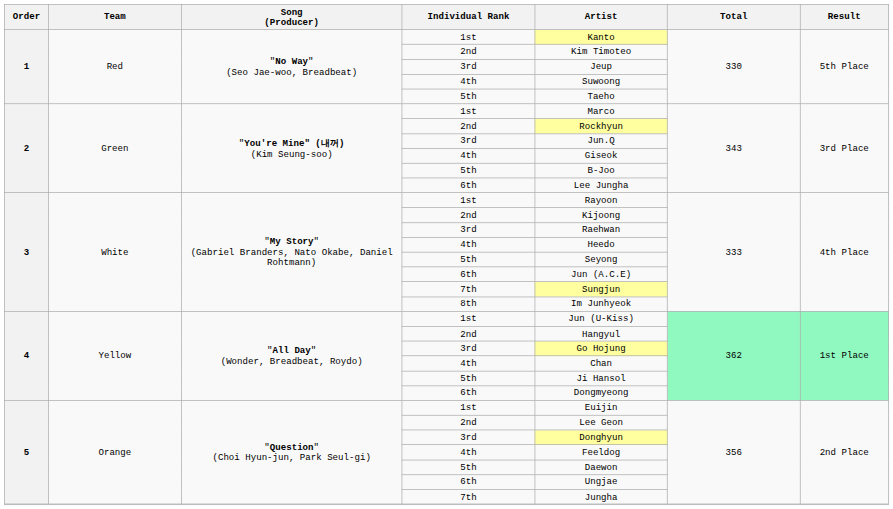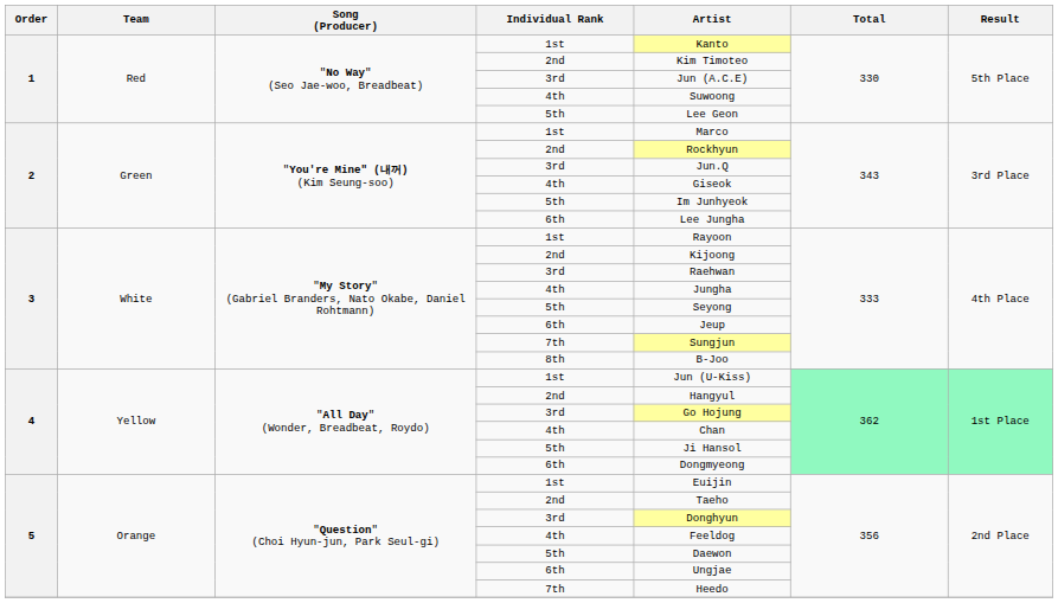 <table class="wikitable sortable" style="text-align:center; width:100%;">
 <tr>
 <th style="width:5%;">Order</th>
 <th style="width:15%;">Team</th>
 <th style="width:25%;">Song<br>(Producer)</th>
 <th style="width:15%;">Individual Rank</th>
 <th style="width:15%;">Artist</th>
 <th style="width:15%;">Total</th>
 <th style="width:10%;">Result</th>
 </tr>
 <tr>
 <th rowspan="5">1</th>
 <td rowspan="5">Red</td>
 <td rowspan="5">"<strong>No Way</strong>"<br>(Seo Jae-woo, Breadbeat)</td>
 <td>1st</td>
 <td style=background:#FFFF9F;>Kanto</td>
 <td rowspan="5">330</td>
 <td rowspan="5">5th Place</td>
 </tr>
 <tr>
 <td>2nd</td>
 <td>Kim Timoteo</td>
 </tr>
 <tr>
 <td>3rd</td>
-<td>Jeup</td>
+<td>Jun (A.C.E)</td>
 </tr>
 <tr>
 <td>4th</td>
 <td>Suwoong</td>
 </tr>
 <tr>
 <td>5th</td>
-<td>Taeho</td>
+<td>Lee Geon</td>
 </tr>
 <tr>
 <th rowspan="6">2</th>
 <td rowspan="6">Green</td>
 <td rowspan="6">"<strong>You're Mine" (내꺼)</strong><br>(Kim Seung-soo)</td>
 <td>1st</td>
 <td>Marco</td>
 <td rowspan="6">343</td>
 <td rowspan="6">3rd Place</td>
 </tr>
 <tr>
 <td>2nd</td>
 <td style=background:#FFFF9F;>Rockhyun</td>
 </tr>
 <tr>
 <td>3rd</td>
 <td>Jun.Q</td>
 </tr>
 <tr>
 <td>4th</td>
 <td>Giseok</td>
 </tr>
 <tr>
 <td>5th</td>
-<td>B-Joo</td>
+<td>Im Junhyeok</td>
 </tr>
 <tr>
 <td>6th</td>
 <td>Lee Jungha</td>
 </tr>
 <tr>
 <th rowspan="8">3</th>
 <td rowspan="8">White</td>
 <td rowspan="8">"<strong>My Story</strong>"<br>(Gabriel Branders, Nato Okabe, Daniel Rohtmann)</td>
 <td>1st</td>
 <td>Rayoon</td>
 <td rowspan="8">333</td>
 <td rowspan="8">4th Place</td>
 </tr>
 <tr>
 <td>2nd</td>
 <td>Kijoong</td>
 </tr>
 <tr>
 <td>3rd</td>
 <td>Raehwan</td>
 </tr>
 <tr>
 <td>4th</td>
-<td>Heedo</td>
+<td>Jungha</td>
 </tr>
 <tr>
 <td>5th</td>
 <td>Seyong</td>
 </tr>
 <tr>
 <td>6th</td>
-<td>Jun (A.C.E)</td>
+<td>Jeup</td>
 </tr>
 <tr>
 <td>7th</td>
 <td style=background:#FFFF9F;>Sungjun</td>
 </tr>
 <tr>
 <td>8th</td>
-<td>Im Junhyeok</td>
+<td>B-Joo</td>
 </tr>
 <tr>
 <th rowspan="6">4</th>
 <td rowspan="6">Yellow</td>
 <td rowspan="6">"<strong>All Day</strong>" <br>(Wonder, Breadbeat, Roydo)</td>
 <td>1st</td>
 <td>Jun (U-Kiss)</td>
 <td rowspan="6" style="background:#90F9C0;">362</td>
 <td rowspan="6" style="background:#90F9C0;">1st Place</td>
 </tr>
 <tr>
 <td>2nd</td>
 <td>Hangyul</td>
 </tr>
 <tr>
 <td>3rd</td>
 <td style=background:#FFFF9F;>Go Hojung</td>
 </tr>
 <tr>
 <td>4th</td>
 <td>Chan</td>
 </tr>
 <tr>
 <td>5th</td>
 <td>Ji Hansol</td>
 </tr>
 <tr>
 <td>6th</td>
 <td>Dongmyeong</td>
 </tr>
 <tr>
 <th rowspan="7">5</th>
 <td rowspan="7">Orange</td>
 <td rowspan="7">"<strong>Question</strong>"<br>(Choi Hyun-jun, Park Seul-gi)</td>
 <td>1st</td>
 <td>Euijin</td>
 <td rowspan="7">356</td>
 <td rowspan="7">2nd Place</td>
 </tr>
 <tr>
 <td>2nd</td>
-<td>Lee Geon</td>
+<td>Taeho</td>
 </tr>
 <tr>
 <td>3rd</td>
 <td style=background:#FFFF9F;>Donghyun</td>
 </tr>
 <tr>
 <td>4th</td>
 <td>Feeldog</td>
 </tr>
 <tr>
 <td>5th</td>
 <td>Daewon</td>
 </tr>
 <tr>
 <td>6th</td>
 <td>Ungjae</td>
 </tr>
 <tr>
 <td>7th</td>
-<td>Jungha</td>
+<td>Heedo</td>
 </tr>
 <tr>
 </tr>
 </table>
